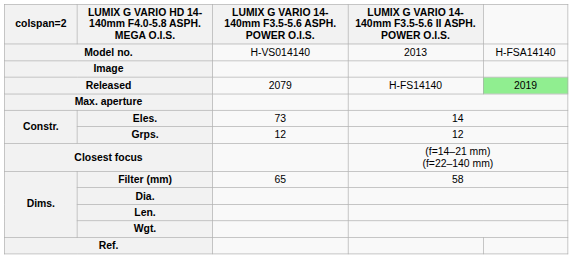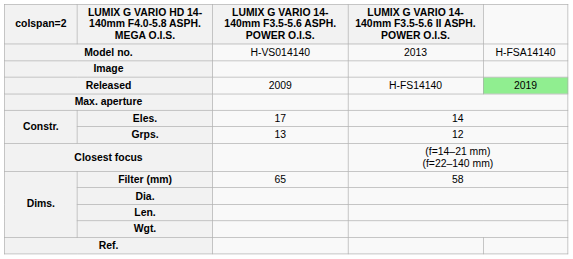 <table class="wikitable" style="font-size:100%;text-align:center;">
 <tr>
 <th>colspan=2 </th>
 <th style="width:24%;">LUMIX G VARIO HD 14-140mm F4.0-5.8 ASPH. MEGA O.I.S.</th>
 <th style="width:24%;">LUMIX G VARIO 14-140mm F3.5-5.6 ASPH. POWER O.I.S.</th>
 <th style="width:24%;">LUMIX G VARIO 14-140mm F3.5-5.6 II ASPH. POWER O.I.S.</th>
 </tr>
 <tr>
 <th colspan=2>Model no.</th>
 <td>H-VS014140</td>
 <td>2013</td>
 <td>H-FSA14140</td>
 </tr>
 <tr>
 <th colspan=2>Image</th>
 <td></td>
 <td></td>
 <td></td>
 </tr>
 <tr>
 <th colspan=2>Released</th>
-<td>2079</td>
+<td>2009</td>
 <td>H-FS14140</td>
 <td style="background: lightgreen;">2019</td>
 </tr>
 <tr>
 <th colspan=2>Max. aperture</th>
 <td></td>
 <td colspan=2></td>
 </tr>
 <tr>
 <th rowspan=2>Constr.</th>
 <th>Eles.</th>
-<td>73</td>
+<td>17</td>
 <td colspan=2>14</td>
 </tr>
 <tr>
 <th>Grps.</th>
-<td>12</td>
+<td>13</td>
 <td colspan=2>12</td>
 </tr>
 <tr>
 <th colspan=2>Closest focus</th>
 <td></td>
 <td colspan=2> (f=14–21 mm)<br> (f=22–140 mm)</td>
 </tr>
 <tr>
 <th rowspan=4>Dims.</th>
 <th>Filter (mm)</th>
 <td>65</td>
 <td colspan=2>58</td>
 </tr>
 <tr>
 <th>Dia.</th>
 <td></td>
 <td colspan=2></td>
 </tr>
 <tr>
 <th>Len.</th>
 <td></td>
 <td colspan=2></td>
 </tr>
 <tr>
 <th>Wgt.</th>
 <td></td>
 <td colspan=2></td>
 </tr>
 <tr>
 <th colspan=2>Ref.</th>
 <td></td>
 <td></td>
 <td></td>
 </tr>
 </table>
